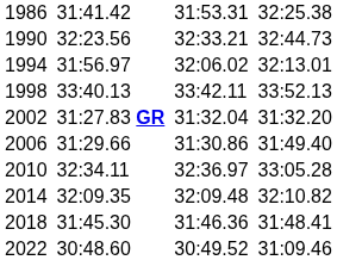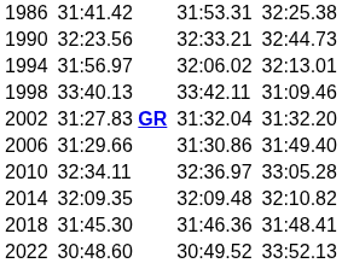 <table>
 <tr>
 <td>1986</td>
 <td></td>
 <td>31:41.42</td>
 <td></td>
 <td>31:53.31</td>
 <td></td>
 <td>32:25.38</td>
 </tr>
 <tr>
 <td>1990</td>
 <td></td>
 <td>32:23.56</td>
 <td></td>
 <td>32:33.21</td>
 <td></td>
 <td>32:44.73</td>
 </tr>
 <tr>
 <td>1994</td>
 <td></td>
 <td>31:56.97</td>
 <td></td>
 <td>32:06.02</td>
 <td></td>
 <td>32:13.01</td>
 </tr>
 <tr>
 <td>1998</td>
 <td></td>
 <td>33:40.13</td>
 <td></td>
 <td>33:42.11</td>
 <td></td>
-<td>33:52.13</td>
+<td>31:09.46</td>
 </tr>
 <tr>
 <td>2002<br></td>
 <td></td>
 <td>31:27.83 <strong><a href='#'>GR</a></strong></td>
 <td></td>
 <td>31:32.04</td>
 <td></td>
 <td>31:32.20</td>
 </tr>
 <tr>
 <td>2006<br></td>
 <td></td>
 <td>31:29.66</td>
 <td></td>
 <td>31:30.86</td>
 <td></td>
 <td>31:49.40</td>
 </tr>
 <tr>
 <td>2010<br></td>
 <td></td>
 <td>32:34.11</td>
 <td></td>
 <td>32:36.97</td>
 <td></td>
 <td>33:05.28</td>
 </tr>
 <tr>
 <td>2014<br></td>
 <td></td>
 <td>32:09.35</td>
 <td></td>
 <td>32:09.48</td>
 <td></td>
 <td>32:10.82</td>
 </tr>
 <tr>
 <td>2018<br></td>
 <td></td>
 <td>31:45.30</td>
 <td></td>
 <td>31:46.36</td>
 <td></td>
 <td>31:48.41</td>
 </tr>
 <tr>
 <td>2022<br></td>
 <td></td>
 <td>30:48.60 <strong></strong></td>
 <td></td>
 <td>30:49.52</td>
 <td></td>
-<td>31:09.46</td>
+<td>33:52.13</td>
 </tr>
 </table>
